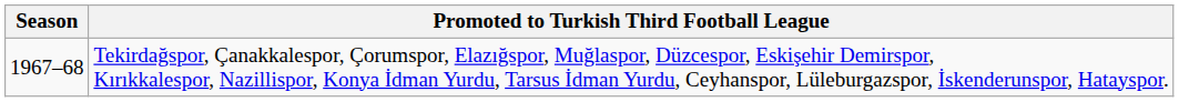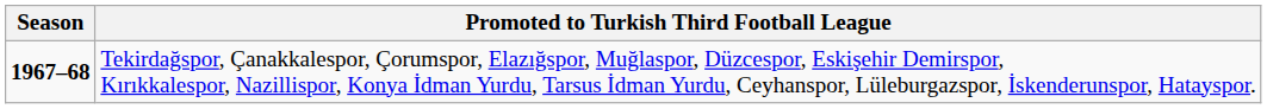 <table class="wikitable">
 <tr>
 <th>Season</th>
 <th>Promoted to Turkish Third Football League</th>
 </tr>
 <tr>
-<td>1967–68</td>
+<td><strong>1967–68</strong></td>
 <td><a href='#'>Tekirdağspor</a>, Çanakkalespor, Çorumspor, <a href='#'>Elazığspor</a>, <a href='#'>Muğlaspor</a>, <a href='#'>Düzcespor</a>, <a href='#'>Eskişehir Demirspor</a>, <br><a href='#'>Kırıkkalespor</a>, <a href='#'>Nazillispor</a>, <a href='#'>Konya İdman Yurdu</a>, <a href='#'>Tarsus İdman Yurdu</a>, Ceyhanspor, Lüleburgazspor, <a href='#'>İskenderunspor</a>, <a href='#'>Hatayspor</a>.</td>
 </tr>
 </table>
